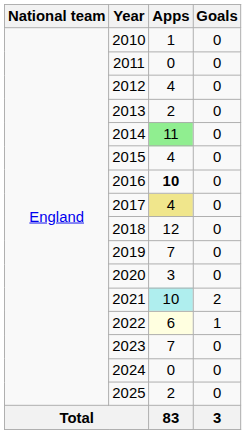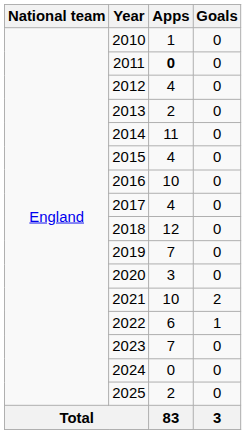 <table class="wikitable" style="text-align: center;">
 <tr>
 <th>National team</th>
 <th>Year</th>
 <th>Apps</th>
 <th>Goals</th>
 </tr>
 <tr>
 <td rowspan="16"><a href='#'>England</a></td>
 <td>2010</td>
 <td>1</td>
 <td>0</td>
 </tr>
 <tr>
 <td>2011</td>
-<td>0</td>
+<td><strong>0</strong></td>
 <td>0</td>
 </tr>
 <tr>
 <td>2012</td>
 <td>4</td>
 <td>0</td>
 </tr>
 <tr>
 <td>2013</td>
 <td>2</td>
 <td>0</td>
 </tr>
 <tr>
 <td>2014</td>
-<td style="background: lightgreen;">11</td>
+<td>11</td>
 <td>0</td>
 </tr>
 <tr>
 <td>2015</td>
 <td>4</td>
 <td>0</td>
 </tr>
 <tr>
 <td>2016</td>
-<td><strong>10</strong></td>
+<td>10</td>
 <td>0</td>
 </tr>
 <tr>
 <td>2017</td>
-<td style="background: khaki;">4</td>
+<td>4</td>
 <td>0</td>
 </tr>
 <tr>
 <td>2018</td>
 <td>12</td>
 <td>0</td>
 </tr>
 <tr>
 <td>2019</td>
 <td>7</td>
 <td>0</td>
 </tr>
 <tr>
 <td>2020</td>
 <td>3</td>
 <td>0</td>
 </tr>
 <tr>
 <td>2021</td>
-<td style="background: paleturquoise;">10</td>
+<td>10</td>
 <td>2</td>
 </tr>
 <tr>
 <td>2022</td>
-<td style="background: lightyellow;">6</td>
+<td>6</td>
 <td>1</td>
 </tr>
 <tr>
 <td>2023</td>
 <td>7</td>
 <td>0</td>
 </tr>
 <tr>
 <td>2024</td>
 <td>0</td>
 <td>0</td>
 </tr>
 <tr>
 <td>2025</td>
 <td>2</td>
 <td>0</td>
 </tr>
 <tr>
 <th colspan="2">Total</th>
 <th>83</th>
 <th>3</th>
 </tr>
 </table>
